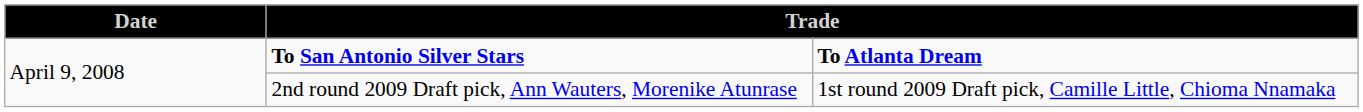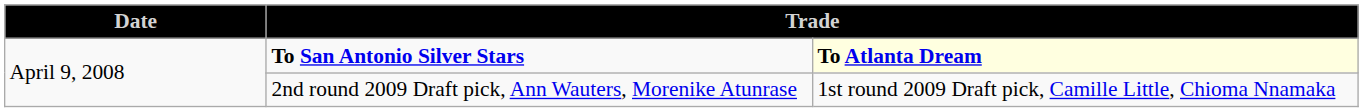 <table class="wikitable" style="width:80%">
 <tr>
 <th style="background:#000000;color:#D3D3D3; width=200">Date</th>
 <th style="background:#000000;color:#D3D3D3;" colspan=2>Trade</th>
 </tr>
 <tr>
 <td rowspan=2>April 9, 2008</td>
 <td width=400><strong>To <a href='#'>San Antonio Silver Stars</a></strong></td>
-<td width=400><strong>To <a href='#'>Atlanta Dream</a></strong></td>
+<td width=400 style="background: lightyellow;"><strong>To <a href='#'>Atlanta Dream</a></strong></td>
 </tr>
 <tr>
 <td>2nd round 2009 Draft pick, <a href='#'>Ann Wauters</a>, <a href='#'>Morenike Atunrase</a></td>
 <td>1st round 2009 Draft pick, <a href='#'>Camille Little</a>, <a href='#'>Chioma Nnamaka</a></td>
 </tr>
 </table>
